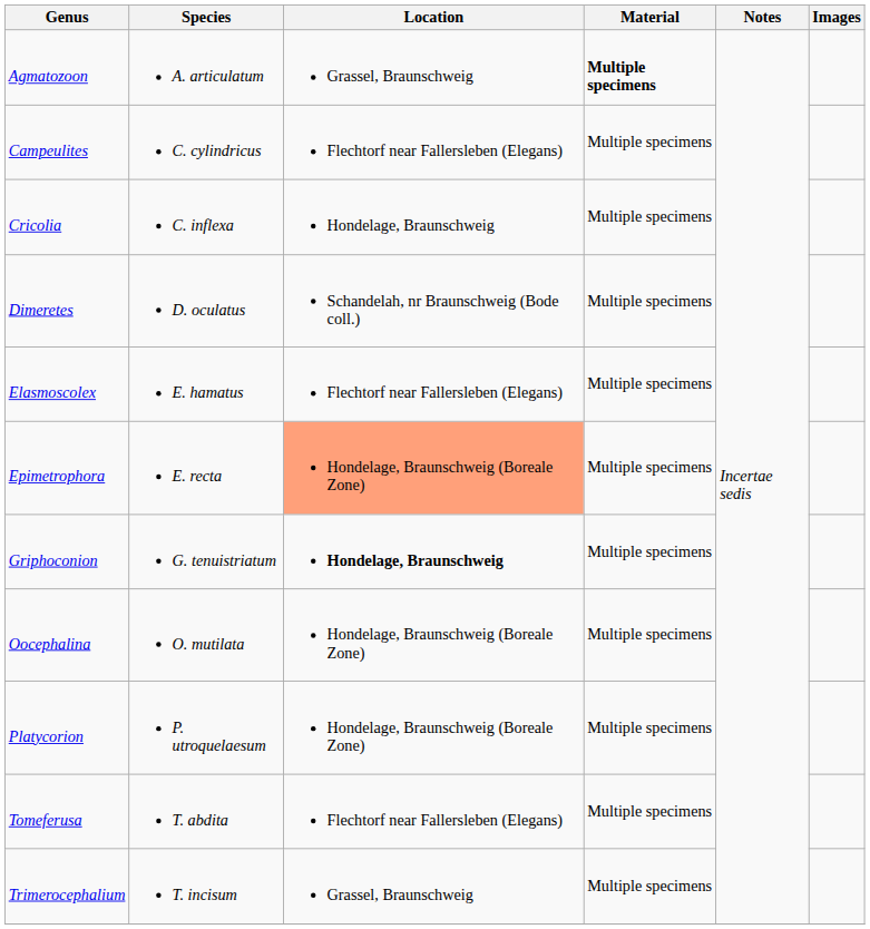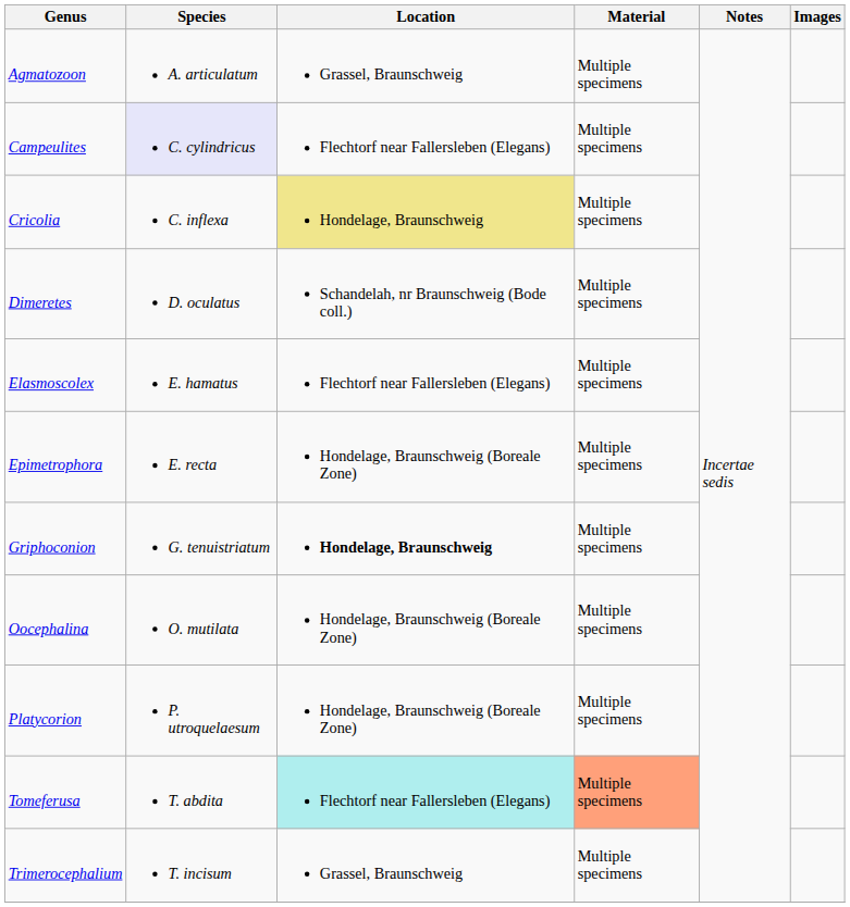 <table class = "wikitable">
 <tr>
 <th>Genus</th>
 <th>Species</th>
 <th>Location</th>
 <th>Material</th>
 <th>Notes</th>
 <th>Images</th>
 </tr>
 <tr>
 <td><br><em><a href='#'>Agmatozoon</a></em></td>
 <td><br><ul><li><em>A. articulatum </em></li></ul></td>
 <td><br><ul><li>Grassel, Braunschweig</li></ul></td>
-<td><strong><br>Multiple specimens</strong></td>
+<td><br>Multiple specimens</td>
 <td rowspan="11"><br><em>Incertae sedis</em></td>
 <td></td>
 </tr>
 <tr>
 <td><br><em><a href='#'>Campeulites</a></em></td>
-<td><br><ul><li><em>C. cylindricus</em></li></ul></td>
+<td style="background: lavender;"><br><ul><li><em>C. cylindricus</em></li></ul></td>
 <td><br><ul><li>Flechtorf near Fallersleben (Elegans)</li></ul></td>
 <td>Multiple specimens</td>
 <td></td>
 </tr>
 <tr>
 <td><br><em><a href='#'>Cricolia</a></em></td>
 <td><br><ul><li><em>C. inflexa</em></li></ul></td>
-<td><br><ul><li>Hondelage, Braunschweig</li></ul></td>
+<td style="background: khaki;"><br><ul><li>Hondelage, Braunschweig</li></ul></td>
 <td>Multiple specimens</td>
 <td></td>
 </tr>
 <tr>
 <td><br><em><a href='#'>Dimeretes</a></em></td>
 <td><br><ul><li><em>D. oculatus</em></li></ul></td>
 <td><br><ul><li>Schandelah, nr Braunschweig (Bode coll.)</li></ul></td>
 <td>Multiple specimens</td>
 <td></td>
 </tr>
 <tr>
 <td><br><em><a href='#'>Elasmoscolex</a></em></td>
 <td><br><ul><li><em>E. hamatus</em></li></ul></td>
 <td><br><ul><li>Flechtorf near Fallersleben (Elegans)</li></ul></td>
 <td>Multiple specimens</td>
 <td></td>
 </tr>
 <tr>
 <td><br><em><a href='#'>Epimetrophora</a></em></td>
 <td><br><ul><li><em>E. recta</em></li></ul></td>
-<td style="background: lightsalmon;"><br><ul><li>Hondelage, Braunschweig (Boreale Zone)</li></ul></td>
+<td><br><ul><li>Hondelage, Braunschweig (Boreale Zone)</li></ul></td>
 <td>Multiple specimens</td>
 <td></td>
 </tr>
 <tr>
 <td><br><em><a href='#'>Griphoconion</a></em></td>
 <td><br><ul><li><em>G. tenuistriatum</em></li></ul></td>
 <td><strong><br><ul><li>Hondelage, Braunschweig</li></ul></strong></td>
 <td>Multiple specimens</td>
 <td></td>
 </tr>
 <tr>
 <td><br><em><a href='#'>Oocephalina</a></em></td>
 <td><br><ul><li><em>O. mutilata</em></li></ul></td>
 <td><br><ul><li>Hondelage, Braunschweig (Boreale Zone)</li></ul></td>
 <td>Multiple specimens</td>
 <td></td>
 </tr>
 <tr>
 <td><br><em><a href='#'>Platycorion</a></em></td>
 <td><br><ul><li><em>P. utroquelaesum</em></li></ul></td>
 <td><br><ul><li>Hondelage, Braunschweig (Boreale Zone)</li></ul></td>
 <td>Multiple specimens</td>
 <td></td>
 </tr>
 <tr>
 <td><br><em><a href='#'>Tomeferusa</a></em></td>
 <td><br><ul><li><em>T. abdita</em></li></ul></td>
-<td><br><ul><li>Flechtorf near Fallersleben (Elegans)</li></ul></td>
-<td>Multiple specimens</td>
+<td style="background: paleturquoise;"><br><ul><li>Flechtorf near Fallersleben (Elegans)</li></ul></td>
+<td style="background: lightsalmon;">Multiple specimens</td>
 <td></td>
 </tr>
 <tr>
 <td><br><em><a href='#'>Trimerocephalium</a></em></td>
 <td><br><ul><li><em>T. incisum</em></li></ul></td>
 <td><br><ul><li>Grassel, Braunschweig</li></ul></td>
 <td>Multiple specimens</td>
 <td></td>
 </tr>
 <tr>
 </tr>
 </table>
